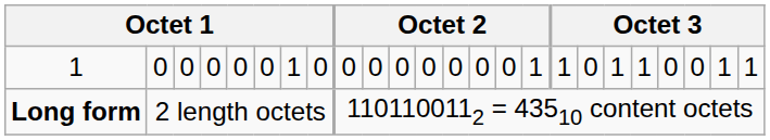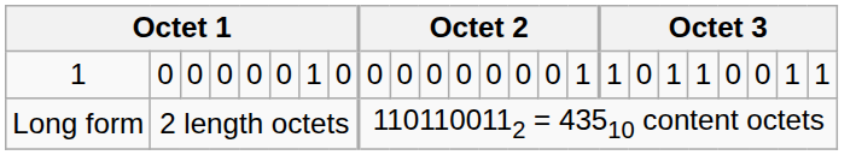 <table class="wikitable" style="text-align:center;">
 <tr>
 <th colspan=8>Octet 1</th>
 <th colspan=8 style="border-left:solid 2px #aaa;">Octet 2</th>
 <th colspan=8 style="border-left:solid 2px #aaa;">Octet 3</th>
 </tr>
 <tr>
 <td>1</td>
 <td>0</td>
 <td>0</td>
 <td>0</td>
 <td>0</td>
 <td>0</td>
 <td>1</td>
 <td>0</td>
 <td style="border-left:solid 2px #aaa;">0</td>
 <td>0</td>
 <td>0</td>
 <td>0</td>
 <td>0</td>
 <td>0</td>
 <td>0</td>
 <td>1</td>
 <td style="border-left:solid 2px #aaa;">1</td>
 <td>0</td>
 <td>1</td>
 <td>1</td>
 <td>0</td>
 <td>0</td>
 <td>1</td>
 <td>1</td>
 </tr>
 <tr>
-<td><strong>Long form</strong></td>
+<td>Long form</td>
 <td colspan=7>2 length octets</td>
 <td colspan=16 style="border-left:solid 2px #aaa;">110110011<sub>2</sub> = 435<sub>10</sub> content octets</td>
 </tr>
 </table>
